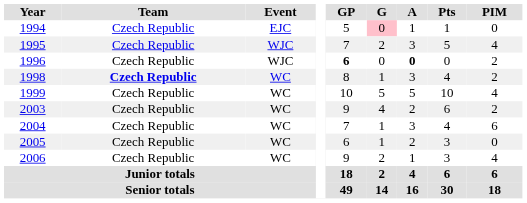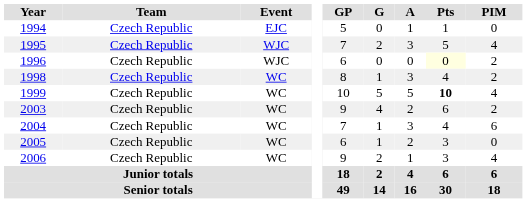 <table border="0" cellpadding="1" cellspacing="0" style="text-align:center; width:40em">
 <tr ALIGN="center" bgcolor="#e0e0e0">
 <th>Year</th>
 <th>Team</th>
 <th>Event</th>
 <th rowspan="99" bgcolor="#ffffff"> </th>
 <th>GP</th>
 <th>G</th>
 <th>A</th>
 <th>Pts</th>
 <th>PIM</th>
 </tr>
 <tr>
 <td><a href='#'>1994</a></td>
 <td><a href='#'>Czech Republic</a></td>
 <td><a href='#'>EJC</a></td>
 <td>5</td>
-<td style="background: pink;">0</td>
+<td>0</td>
 <td>1</td>
 <td>1</td>
 <td>0</td>
 </tr>
 <tr bgcolor="#f0f0f0">
 <td><a href='#'>1995</a></td>
 <td><a href='#'>Czech Republic</a></td>
 <td><a href='#'>WJC</a></td>
 <td>7</td>
 <td>2</td>
 <td>3</td>
 <td>5</td>
 <td>4</td>
 </tr>
 <tr>
 <td><a href='#'>1996</a></td>
 <td>Czech Republic</td>
 <td>WJC</td>
-<td><strong>6</strong></td>
+<td>6</td>
 <td>0</td>
-<td><strong>0</strong></td>
 <td>0</td>
+<td style="background: lightyellow;">0</td>
 <td>2</td>
 </tr>
 <tr bgcolor="#f0f0f0">
 <td><a href='#'>1998</a></td>
-<td><strong><a href='#'>Czech Republic</a></strong></td>
+<td><a href='#'>Czech Republic</a></td>
 <td><a href='#'>WC</a></td>
 <td>8</td>
 <td>1</td>
 <td>3</td>
 <td>4</td>
 <td>2</td>
 </tr>
 <tr>
 <td><a href='#'>1999</a></td>
 <td>Czech Republic</td>
 <td>WC</td>
 <td>10</td>
 <td>5</td>
 <td>5</td>
-<td>10</td>
+<td><strong>10</strong></td>
 <td>4</td>
 </tr>
 <tr bgcolor="#f0f0f0">
 <td><a href='#'>2003</a></td>
 <td>Czech Republic</td>
 <td>WC</td>
 <td>9</td>
 <td>4</td>
 <td>2</td>
 <td>6</td>
 <td>2</td>
 </tr>
 <tr>
 <td><a href='#'>2004</a></td>
 <td>Czech Republic</td>
 <td>WC</td>
 <td>7</td>
 <td>1</td>
 <td>3</td>
 <td>4</td>
 <td>6</td>
 </tr>
 <tr bgcolor="#f0f0f0">
 <td><a href='#'>2005</a></td>
 <td>Czech Republic</td>
 <td>WC</td>
 <td>6</td>
 <td>1</td>
 <td>2</td>
 <td>3</td>
 <td>0</td>
 </tr>
 <tr>
 <td><a href='#'>2006</a></td>
 <td>Czech Republic</td>
 <td>WC</td>
 <td>9</td>
 <td>2</td>
 <td>1</td>
 <td>3</td>
 <td>4</td>
 </tr>
 <tr bgcolor="#e0e0e0">
 <th colspan=3>Junior totals</th>
 <th>18</th>
 <th>2</th>
 <th>4</th>
 <th>6</th>
 <th>6</th>
 </tr>
 <tr bgcolor="#e0e0e0">
 <th colspan=3>Senior totals</th>
 <th>49</th>
 <th>14</th>
 <th>16</th>
 <th>30</th>
 <th>18</th>
 </tr>
 </table>
